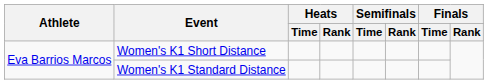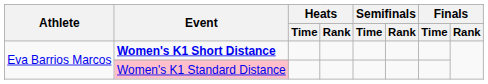 <table class="wikitable" style="font-size:90%">
 <tr>
 <th rowspan="2">Athlete</th>
 <th rowspan="2">Event</th>
 <th colspan=2>Heats</th>
 <th colspan=2>Semifinals</th>
 <th colspan=2>Finals</th>
 </tr>
 <tr style="font-size:95%">
 <th>Time</th>
 <th>Rank</th>
 <th>Time</th>
 <th>Rank</th>
 <th>Time</th>
 <th>Rank</th>
 </tr>
 <tr align=center>
 <td align=left rowspan=2><a href='#'>Eva Barrios Marcos</a></td>
-<td align=left><a href='#'>Women's K1 Short Distance</a></td>
+<td align=left><strong><a href='#'>Women's K1 Short Distance</a></strong></td>
 <td></td>
 <td></td>
 <td></td>
 <td></td>
 <td></td>
 </tr>
 <tr align=center>
-<td align=left><a href='#'>Women's K1 Standard Distance</a></td>
+<td align=left style="background: pink;"><a href='#'>Women's K1 Standard Distance</a></td>
 <td></td>
 <td></td>
 <td></td>
 <td></td>
 <td></td>
 </tr>
 </table>
